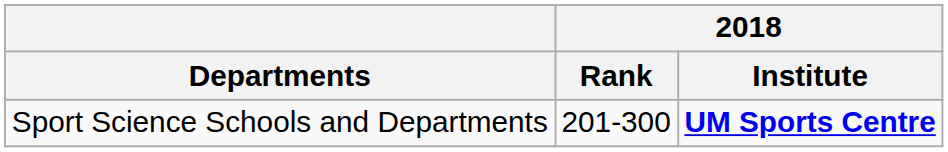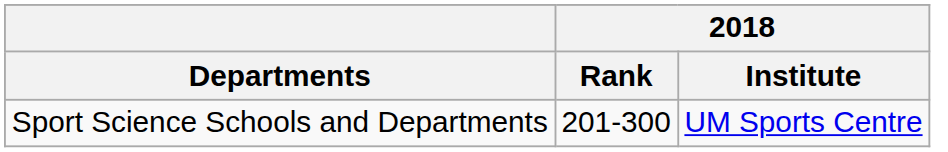 <table class="wikitable">
 <tr>
 <th></th>
 <th colspan=2>2018</th>
 </tr>
 <tr>
 <th>Departments</th>
 <th>Rank</th>
 <th>Institute</th>
 </tr>
 <tr align=center valign=top>
 <td valign=middle>Sport Science Schools and Departments</td>
 <td> 201-300</td>
-<td><strong><a href='#'>UM Sports Centre</a></strong></td>
+<td><a href='#'>UM Sports Centre</a></td>
 </tr>
 </table>
